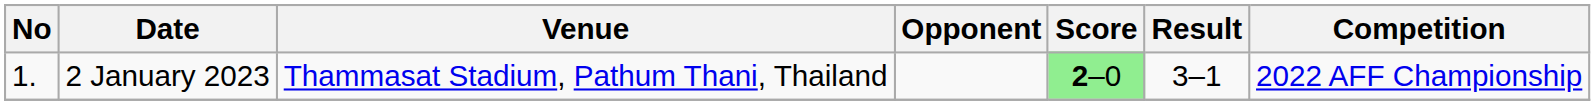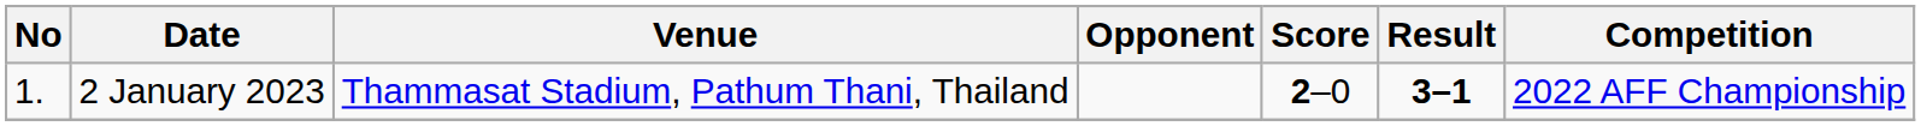 <table class="wikitable" style="font-size:90%;">
 <tr>
 <th>No</th>
 <th>Date</th>
 <th>Venue</th>
 <th>Opponent</th>
 <th>Score</th>
 <th>Result</th>
 <th>Competition</th>
 </tr>
 <tr>
 <td>1.</td>
 <td>2 January 2023</td>
 <td><a href='#'>Thammasat Stadium</a>, <a href='#'>Pathum Thani</a>, Thailand</td>
 <td></td>
-<td align=center style="background: lightgreen;"><strong>2</strong>–0</td>
-<td align=center>3–1</td>
+<td align=center><strong>2</strong>–0</td>
+<td align=center><strong>3–1</strong></td>
 <td><a href='#'>2022 AFF Championship</a></td>
 </tr>
 <tr>
 </tr>
 </table>
